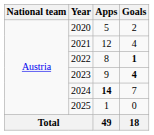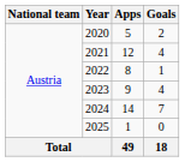 <table class=wikitable style=text-align:center>
 <tr>
 <th>National team</th>
 <th>Year</th>
 <th>Apps</th>
 <th>Goals</th>
 </tr>
 <tr>
 <td rowspan="6"><a href='#'>Austria</a></td>
 <td>2020</td>
 <td>5</td>
 <td>2</td>
 </tr>
 <tr>
 <td>2021</td>
 <td>12</td>
 <td>4</td>
 </tr>
 <tr>
 <td>2022</td>
 <td>8</td>
-<td><strong>1</strong></td>
+<td>1</td>
 </tr>
 <tr>
 <td>2023</td>
 <td>9</td>
-<td><strong>4</strong></td>
+<td>4</td>
 </tr>
 <tr>
 <td>2024</td>
-<td><strong>14</strong></td>
+<td>14</td>
 <td>7</td>
 </tr>
 <tr>
 <td>2025</td>
 <td>1</td>
 <td>0</td>
 </tr>
 <tr>
 <th colspan="2">Total</th>
 <th>49</th>
 <th>18</th>
 </tr>
 </table>
